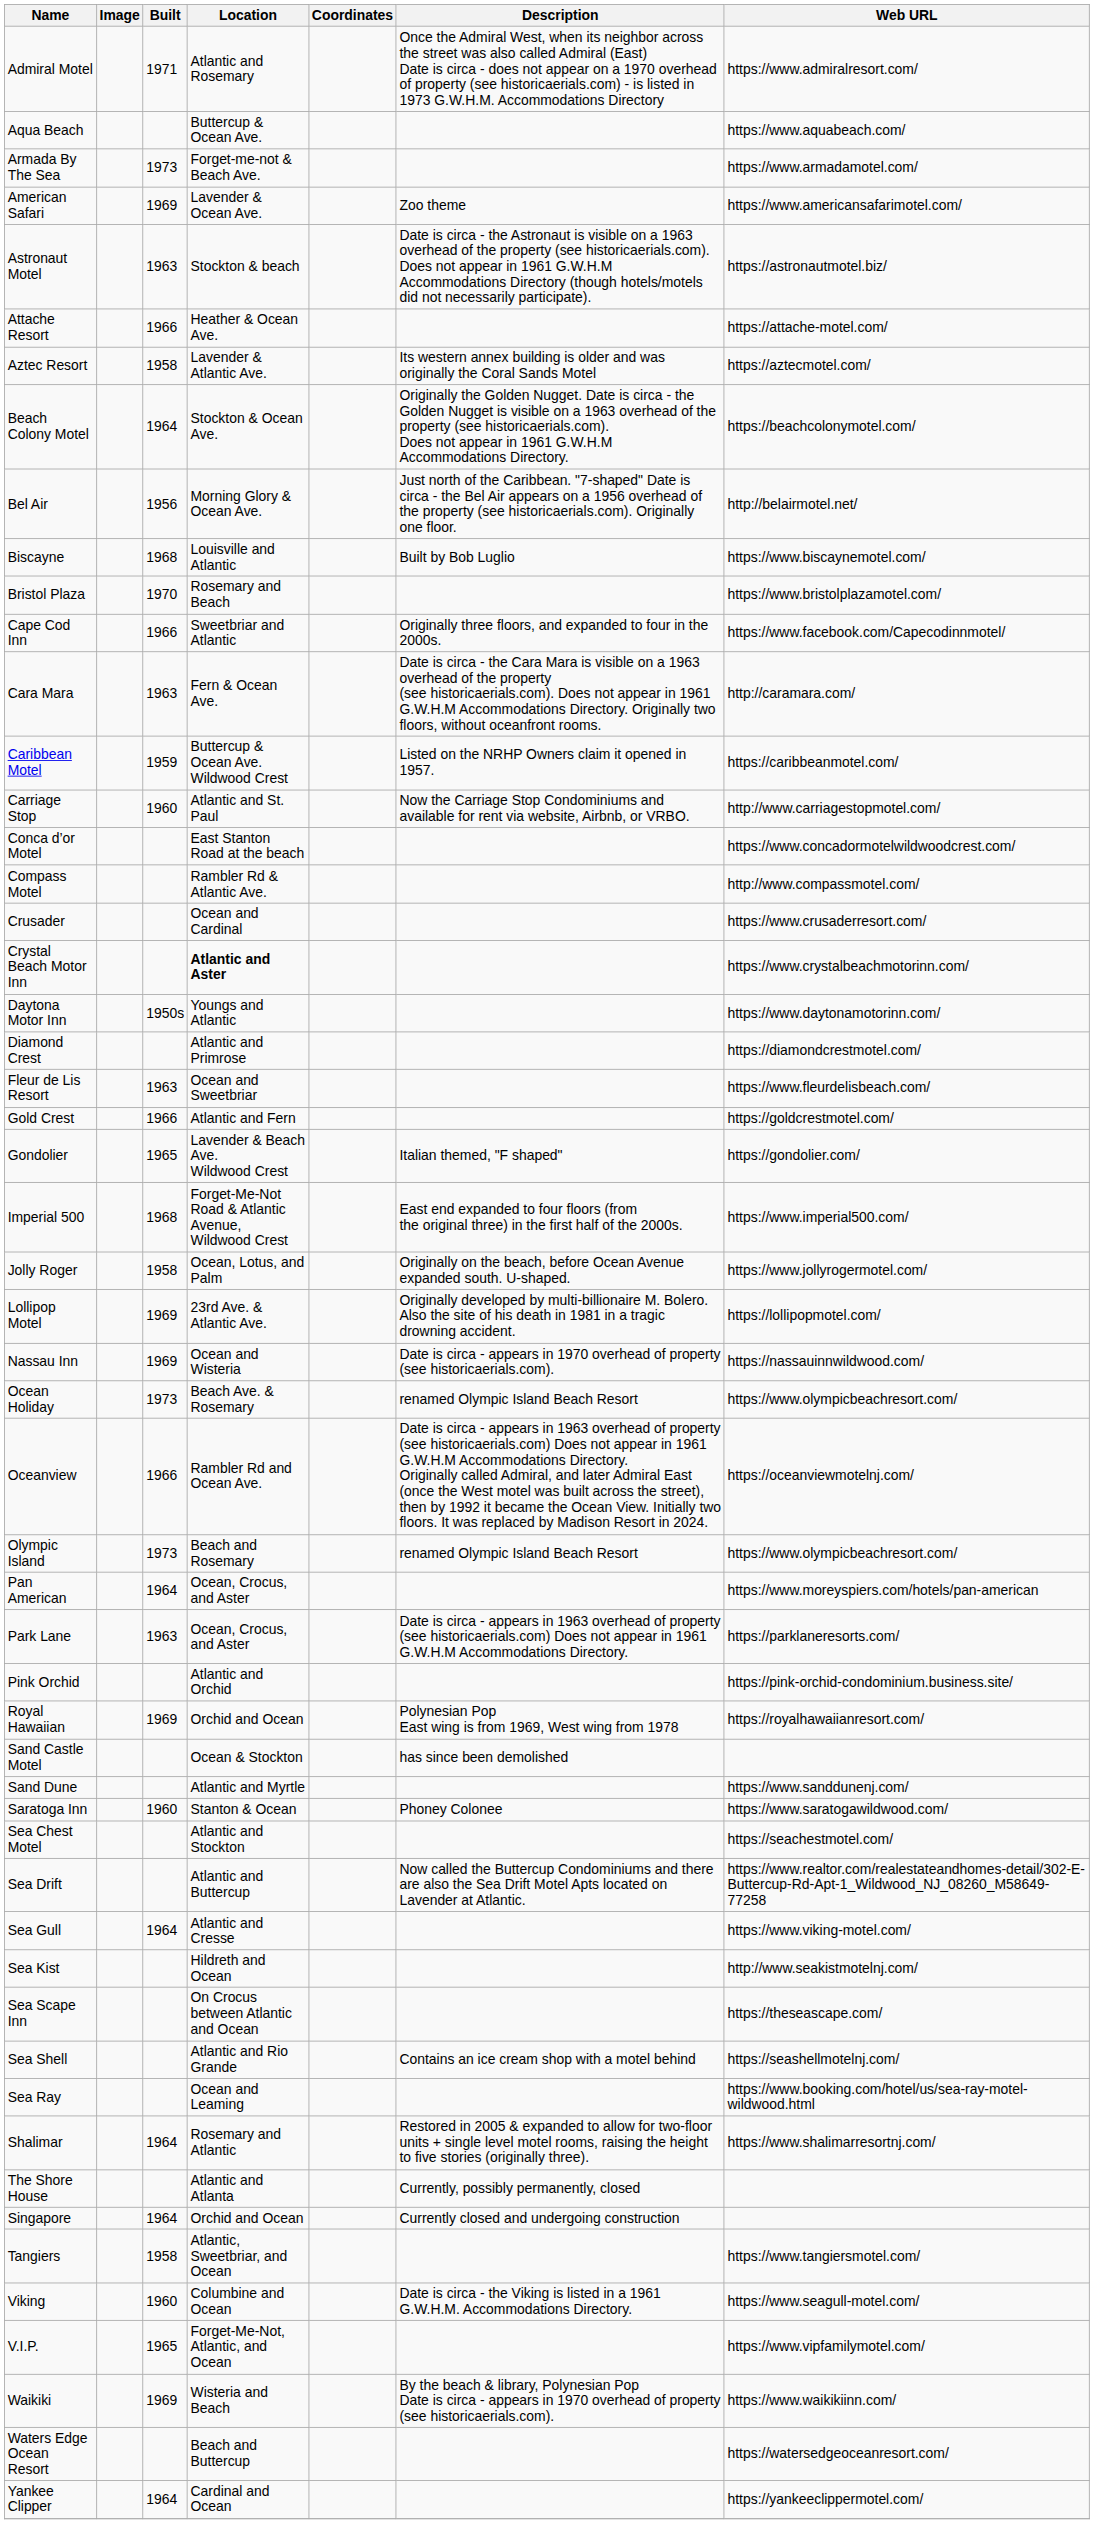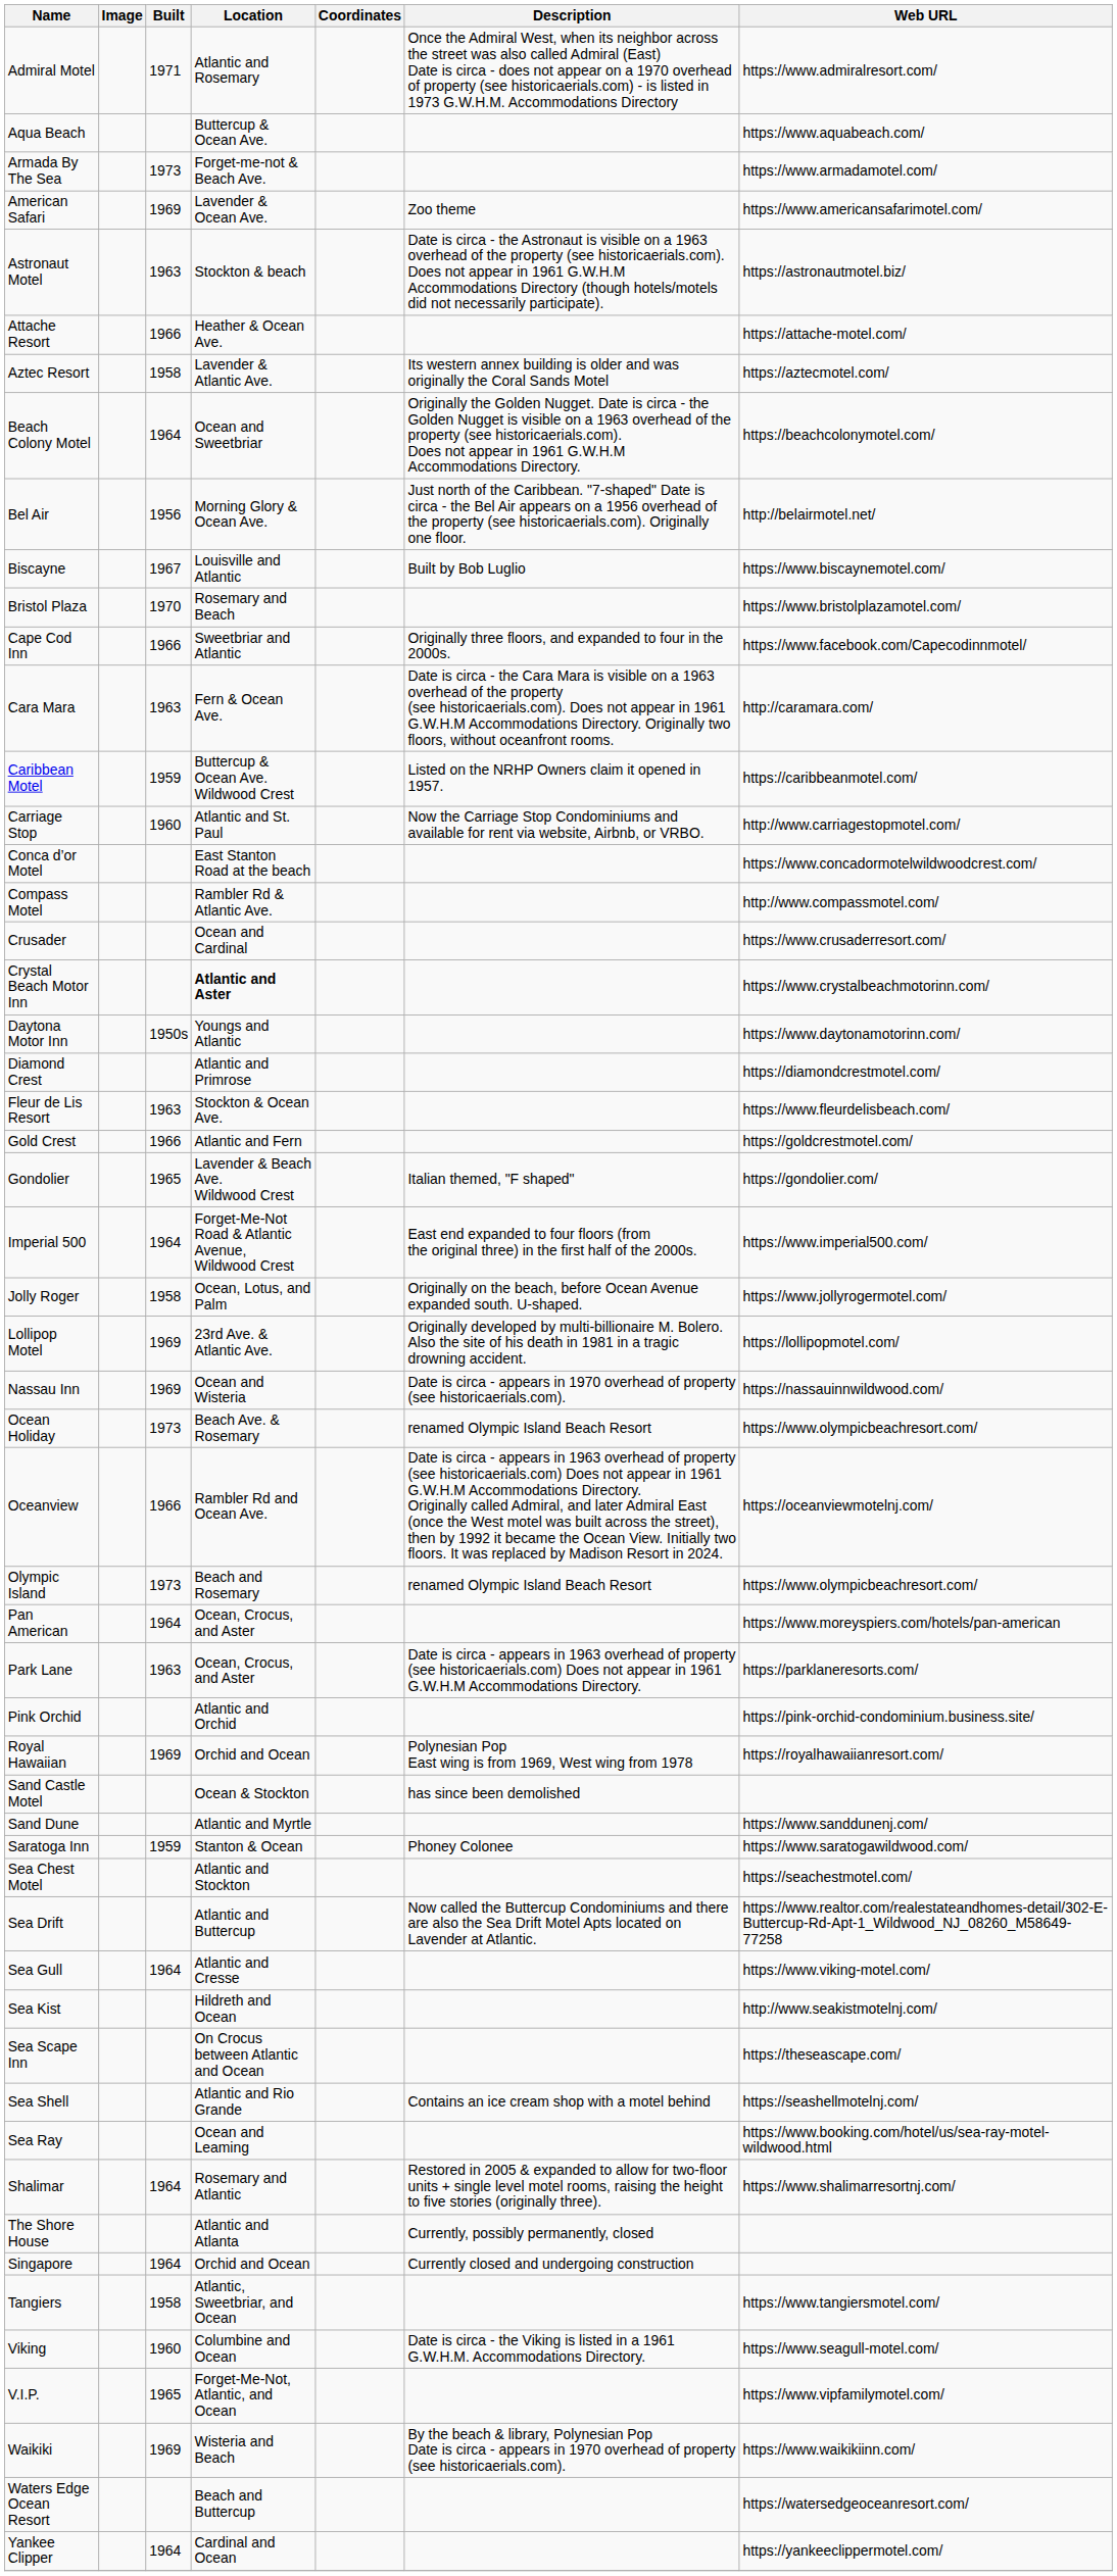 <table class="wikitable sortable">
 <tr>
 <th>Name</th>
 <th>Image</th>
 <th>Built</th>
 <th>Location</th>
 <th>Coordinates</th>
 <th>Description</th>
 <th>Web URL</th>
 </tr>
 <tr>
 <td>Admiral Motel</td>
 <td></td>
 <td>1971</td>
 <td>Atlantic and Rosemary</td>
 <td><small></small></td>
 <td>Once the Admiral West, when its neighbor across the street was also called Admiral (East)<br>Date is circa - does not appear on a 1970 overhead of property (see historicaerials.com) - is listed in 1973 G.W.H.M. Accommodations Directory</td>
 <td>https://www.admiralresort.com/</td>
 </tr>
 <tr>
 <td>Aqua Beach</td>
 <td></td>
 <td></td>
 <td>Buttercup & Ocean Ave.</td>
 <td><small></small></td>
 <td></td>
 <td>https://www.aquabeach.com/</td>
 </tr>
 <tr>
 <td>Armada By The Sea</td>
 <td></td>
 <td>1973</td>
 <td>Forget-me-not & Beach Ave.</td>
 <td><small></small></td>
 <td></td>
 <td>https://www.armadamotel.com/</td>
 </tr>
 <tr>
 <td>American Safari</td>
 <td></td>
 <td>1969</td>
 <td>Lavender & Ocean Ave.</td>
 <td><small></small></td>
 <td>Zoo theme</td>
 <td>https://www.americansafarimotel.com/</td>
 </tr>
 <tr>
 <td>Astronaut Motel</td>
 <td></td>
 <td>1963</td>
 <td>Stockton & beach</td>
 <td><small></small></td>
 <td>Date is circa - the Astronaut is visible on a 1963 overhead of the property (see historicaerials.com). Does not appear in 1961 G.W.H.M Accommodations Directory (though hotels/motels did not necessarily participate).</td>
 <td>https://astronautmotel.biz/</td>
 </tr>
 <tr>
 <td>Attache Resort</td>
 <td></td>
 <td>1966</td>
 <td>Heather & Ocean Ave.</td>
 <td><small></small></td>
 <td></td>
 <td>https://attache-motel.com/</td>
 </tr>
 <tr>
 <td>Aztec Resort</td>
 <td></td>
 <td>1958</td>
 <td>Lavender & Atlantic Ave.</td>
 <td><small></small></td>
 <td>Its western annex building is older and was originally the Coral Sands Motel</td>
 <td>https://aztecmotel.com/</td>
 </tr>
 <tr>
 <td>Beach Colony Motel</td>
 <td></td>
 <td>1964</td>
-<td>Stockton & Ocean Ave.</td>
+<td>Ocean and Sweetbriar</td>
 <td><small></small></td>
 <td>Originally the Golden Nugget. Date is circa - the Golden Nugget is visible on a 1963 overhead of the property (see historicaerials.com).<br>Does not appear in 1961 G.W.H.M Accommodations Directory.</td>
 <td>https://beachcolonymotel.com/</td>
 </tr>
 <tr>
 <td>Bel Air</td>
 <td></td>
 <td>1956</td>
 <td>Morning Glory & Ocean Ave.</td>
 <td><small></small></td>
 <td>Just north of the Caribbean. "7-shaped" Date is circa - the Bel Air appears on a 1956 overhead of the property (see historicaerials.com). Originally one floor.</td>
 <td>http://belairmotel.net/</td>
 </tr>
 <tr>
 <td>Biscayne</td>
 <td></td>
-<td>1968</td>
+<td>1967</td>
 <td>Louisville and Atlantic</td>
 <td><small></small></td>
 <td>Built by Bob Luglio</td>
 <td>https://www.biscaynemotel.com/</td>
 </tr>
 <tr>
 <td>Bristol Plaza</td>
 <td></td>
 <td>1970</td>
 <td>Rosemary and Beach</td>
 <td><small></small></td>
 <td></td>
 <td>https://www.bristolplazamotel.com/</td>
 </tr>
 <tr>
 <td>Cape Cod Inn</td>
 <td></td>
 <td>1966</td>
 <td>Sweetbriar and Atlantic</td>
 <td><small></small></td>
 <td>Originally three floors, and expanded to four in the 2000s.</td>
 <td>https://www.facebook.com/Capecodinnmotel/</td>
 </tr>
 <tr>
 <td>Cara Mara</td>
 <td></td>
 <td>1963</td>
 <td>Fern & Ocean Ave.</td>
 <td><small></small></td>
 <td>Date is circa - the Cara Mara is visible on a 1963 overhead of the property<br>(see historicaerials.com).  Does not appear in 1961 G.W.H.M Accommodations Directory.  Originally two floors, without oceanfront rooms.</td>
 <td>http://caramara.com/</td>
 </tr>
 <tr>
 <td><a href='#'>Caribbean Motel</a></td>
 <td></td>
 <td>1959</td>
 <td>Buttercup & Ocean Ave.<br>Wildwood Crest</td>
 <td><small></small></td>
 <td>Listed on the NRHP Owners claim it opened in 1957.</td>
 <td>https://caribbeanmotel.com/</td>
 </tr>
 <tr>
 <td>Carriage Stop</td>
 <td></td>
 <td>1960</td>
 <td>Atlantic and St. Paul</td>
 <td><small></small></td>
 <td>Now the Carriage Stop Condominiums and available for rent via website, Airbnb, or VRBO.</td>
 <td>http://www.carriagestopmotel.com/</td>
 </tr>
 <tr>
 <td>Conca d’or Motel</td>
 <td></td>
 <td></td>
 <td>East Stanton Road at the beach</td>
 <td><small></small></td>
 <td></td>
 <td>https://www.concadormotelwildwoodcrest.com/</td>
 </tr>
 <tr>
 <td>Compass Motel</td>
 <td></td>
 <td></td>
 <td>Rambler Rd & Atlantic Ave.</td>
 <td><small></small></td>
 <td></td>
 <td>http://www.compassmotel.com/</td>
 </tr>
 <tr>
 <td>Crusader</td>
 <td></td>
 <td></td>
 <td>Ocean and Cardinal</td>
 <td><small></small></td>
 <td></td>
 <td>https://www.crusaderresort.com/</td>
 </tr>
 <tr>
 <td>Crystal Beach Motor Inn</td>
 <td></td>
 <td></td>
 <td><strong>Atlantic and Aster</strong></td>
 <td><small></small></td>
 <td></td>
 <td>https://www.crystalbeachmotorinn.com/</td>
 </tr>
 <tr>
 <td>Daytona Motor Inn</td>
 <td></td>
 <td>1950s</td>
 <td>Youngs and Atlantic</td>
 <td><small></small></td>
 <td></td>
 <td>https://www.daytonamotorinn.com/</td>
 </tr>
 <tr>
 <td>Diamond Crest</td>
 <td></td>
 <td></td>
 <td>Atlantic and Primrose</td>
 <td><small></small></td>
 <td></td>
 <td>https://diamondcrestmotel.com/</td>
 </tr>
 <tr>
 <td>Fleur de Lis Resort</td>
 <td></td>
 <td>1963</td>
-<td>Ocean and Sweetbriar</td>
+<td>Stockton & Ocean Ave.</td>
 <td><small></small></td>
 <td></td>
 <td>https://www.fleurdelisbeach.com/</td>
 </tr>
 <tr>
 <td>Gold Crest</td>
 <td></td>
 <td>1966</td>
 <td>Atlantic and Fern</td>
 <td><small></small></td>
 <td></td>
 <td>https://goldcrestmotel.com/</td>
 </tr>
 <tr>
 <td>Gondolier</td>
 <td></td>
 <td>1965</td>
 <td>Lavender & Beach Ave. <br>Wildwood Crest</td>
 <td><small></small></td>
 <td>Italian themed, "F shaped"</td>
 <td>https://gondolier.com/</td>
 </tr>
 <tr>
 <td>Imperial 500</td>
 <td></td>
-<td>1968</td>
+<td>1964</td>
 <td>Forget-Me-Not Road & Atlantic Avenue, Wildwood Crest</td>
 <td><small></small></td>
 <td>East end expanded to four floors (from<br>the original three) in the first half of the 2000s.</td>
 <td>https://www.imperial500.com/</td>
 </tr>
 <tr>
 <td>Jolly Roger</td>
 <td></td>
 <td>1958</td>
 <td>Ocean, Lotus, and Palm</td>
 <td><small></small></td>
 <td>Originally on the beach, before Ocean Avenue expanded south. U-shaped.</td>
 <td>https://www.jollyrogermotel.com/</td>
 </tr>
 <tr>
 <td>Lollipop Motel</td>
 <td></td>
 <td>1969</td>
 <td>23rd Ave. & Atlantic Ave.</td>
 <td><small></small></td>
 <td>Originally developed by multi-billionaire M. Bolero.  Also the site of his death in 1981 in a tragic drowning accident.</td>
 <td>https://lollipopmotel.com/</td>
 </tr>
 <tr>
 <td>Nassau Inn</td>
 <td></td>
 <td>1969</td>
 <td>Ocean and Wisteria</td>
 <td><small></small></td>
 <td>Date is circa - appears in 1970 overhead of property (see historicaerials.com).</td>
 <td>https://nassauinnwildwood.com/</td>
 </tr>
 <tr>
 <td>Ocean Holiday</td>
 <td></td>
 <td>1973</td>
 <td>Beach Ave. & Rosemary</td>
 <td><small></small></td>
 <td>renamed Olympic Island Beach Resort</td>
 <td>https://www.olympicbeachresort.com/</td>
 </tr>
 <tr>
 <td>Oceanview</td>
 <td></td>
 <td>1966</td>
 <td>Rambler Rd and Ocean Ave.</td>
 <td><small></small></td>
 <td>Date is circa - appears in 1963 overhead of property (see historicaerials.com) Does not appear in 1961 G.W.H.M Accommodations Directory.<br>Originally called Admiral, and later Admiral East (once the West motel was built across the street), then by  1992 it became the Ocean View. Initially two floors. It was replaced by Madison Resort in 2024.</td>
 <td>https://oceanviewmotelnj.com/</td>
 </tr>
 <tr>
 <td>Olympic Island</td>
 <td></td>
 <td>1973</td>
 <td>Beach and Rosemary</td>
 <td><small></small></td>
 <td>renamed Olympic Island Beach Resort</td>
 <td>https://www.olympicbeachresort.com/</td>
 </tr>
 <tr>
 <td>Pan American</td>
 <td></td>
 <td>1964</td>
 <td>Ocean, Crocus, and Aster</td>
 <td><small></small></td>
 <td></td>
 <td>https://www.moreyspiers.com/hotels/pan-american</td>
 </tr>
 <tr>
 <td>Park Lane</td>
 <td></td>
 <td>1963</td>
 <td>Ocean, Crocus, and Aster</td>
 <td><small></small></td>
 <td>Date is circa - appears in 1963 overhead of property (see historicaerials.com) Does not appear in 1961 G.W.H.M Accommodations Directory.</td>
 <td>https://parklaneresorts.com/</td>
 </tr>
 <tr>
 <td>Pink Orchid</td>
 <td></td>
 <td></td>
 <td>Atlantic and Orchid</td>
 <td><small></small></td>
 <td></td>
 <td>https://pink-orchid-condominium.business.site/</td>
 </tr>
 <tr>
 <td>Royal Hawaiian</td>
 <td></td>
 <td>1969</td>
 <td>Orchid and Ocean</td>
 <td><small></small></td>
 <td>Polynesian Pop<br>East wing is from 1969, West wing from 1978</td>
 <td>https://royalhawaiianresort.com/</td>
 </tr>
 <tr>
 <td>Sand Castle Motel</td>
 <td></td>
 <td></td>
 <td>Ocean & Stockton</td>
 <td><small></small></td>
 <td>has since been demolished</td>
 </tr>
 <tr>
 <td>Sand Dune</td>
 <td></td>
 <td></td>
 <td>Atlantic and Myrtle</td>
 <td><small></small></td>
 <td></td>
 <td>https://www.sanddunenj.com/</td>
 </tr>
 <tr>
 <td>Saratoga Inn</td>
 <td></td>
-<td>1960</td>
+<td>1959</td>
 <td>Stanton & Ocean</td>
 <td><small></small></td>
 <td>Phoney Colonee</td>
 <td>https://www.saratogawildwood.com/</td>
 </tr>
 <tr>
 <td>Sea Chest Motel</td>
 <td></td>
 <td></td>
 <td>Atlantic and Stockton</td>
 <td><small></small></td>
 <td></td>
 <td>https://seachestmotel.com/</td>
 </tr>
 <tr>
 <td>Sea Drift</td>
 <td></td>
 <td></td>
 <td>Atlantic and Buttercup</td>
 <td><small></small></td>
 <td>Now called the Buttercup Condominiums and there are also the Sea Drift Motel Apts located on Lavender at Atlantic.</td>
 <td>https://www.realtor.com/realestateandhomes-detail/302-E-Buttercup-Rd-Apt-1_Wildwood_NJ_08260_M58649-77258</td>
 </tr>
 <tr>
 <td>Sea Gull</td>
 <td></td>
 <td>1964</td>
 <td>Atlantic and Cresse</td>
 <td><small></small></td>
 <td></td>
 <td>https://www.viking-motel.com/</td>
 </tr>
 <tr>
 <td>Sea Kist</td>
 <td></td>
 <td></td>
 <td>Hildreth and Ocean</td>
 <td><small></small></td>
 <td></td>
 <td>http://www.seakistmotelnj.com/</td>
 </tr>
 <tr>
 <td>Sea Scape Inn</td>
 <td></td>
 <td></td>
 <td>On Crocus between Atlantic and Ocean</td>
 <td><small></small></td>
 <td></td>
 <td>https://theseascape.com/</td>
 </tr>
 <tr>
 <td>Sea Shell</td>
 <td></td>
 <td></td>
 <td>Atlantic and Rio Grande</td>
 <td><small></small></td>
 <td>Contains an ice cream shop with a motel behind</td>
 <td>https://seashellmotelnj.com/</td>
 </tr>
 <tr>
 <td>Sea Ray</td>
 <td></td>
 <td></td>
 <td>Ocean and Leaming</td>
 <td><small></small></td>
 <td></td>
 <td>https://www.booking.com/hotel/us/sea-ray-motel-wildwood.html</td>
 </tr>
 <tr>
 <td>Shalimar</td>
 <td></td>
 <td>1964</td>
 <td>Rosemary and Atlantic</td>
 <td><small></small></td>
 <td>Restored in 2005 & expanded to allow for two-floor units + single level motel rooms, raising the height to five stories (originally three).</td>
 <td>https://www.shalimarresortnj.com/</td>
 </tr>
 <tr>
 <td>The Shore House</td>
 <td></td>
 <td></td>
 <td>Atlantic and Atlanta</td>
 <td><small></small></td>
 <td>Currently, possibly permanently, closed</td>
 <td></td>
 </tr>
 <tr>
 <td>Singapore</td>
 <td></td>
 <td>1964</td>
 <td>Orchid and Ocean</td>
 <td><small></small></td>
 <td>Currently closed and undergoing construction</td>
 <td></td>
 </tr>
 <tr>
 <td>Tangiers</td>
 <td></td>
 <td>1958</td>
 <td>Atlantic, Sweetbriar, and Ocean</td>
 <td><small></small></td>
 <td></td>
 <td>https://www.tangiersmotel.com/</td>
 </tr>
 <tr>
 <td>Viking</td>
 <td></td>
 <td>1960</td>
 <td>Columbine and Ocean</td>
 <td><small></small></td>
 <td>Date is circa - the Viking is listed in a 1961 G.W.H.M. Accommodations Directory.</td>
 <td>https://www.seagull-motel.com/</td>
 </tr>
 <tr>
 <td>V.I.P.</td>
 <td></td>
 <td>1965</td>
 <td>Forget-Me-Not, Atlantic, and Ocean</td>
 <td><small></small></td>
 <td></td>
 <td>https://www.vipfamilymotel.com/</td>
 </tr>
 <tr>
 <td>Waikiki</td>
 <td></td>
 <td>1969</td>
 <td>Wisteria and Beach</td>
 <td><small></small></td>
 <td>By the beach & library, Polynesian Pop<br>Date is circa - appears in 1970 overhead of property (see historicaerials.com).</td>
 <td>https://www.waikikiinn.com/</td>
 </tr>
 <tr>
 <td>Waters Edge Ocean Resort</td>
 <td></td>
 <td></td>
 <td>Beach and Buttercup</td>
 <td><small></small></td>
 <td></td>
 <td>https://watersedgeoceanresort.com/</td>
 </tr>
 <tr>
 <td>Yankee Clipper</td>
 <td></td>
 <td>1964</td>
 <td>Cardinal and Ocean</td>
 <td><small></small></td>
 <td></td>
 <td>https://yankeeclippermotel.com/</td>
 </tr>
 <tr>
 </tr>
 </table>
